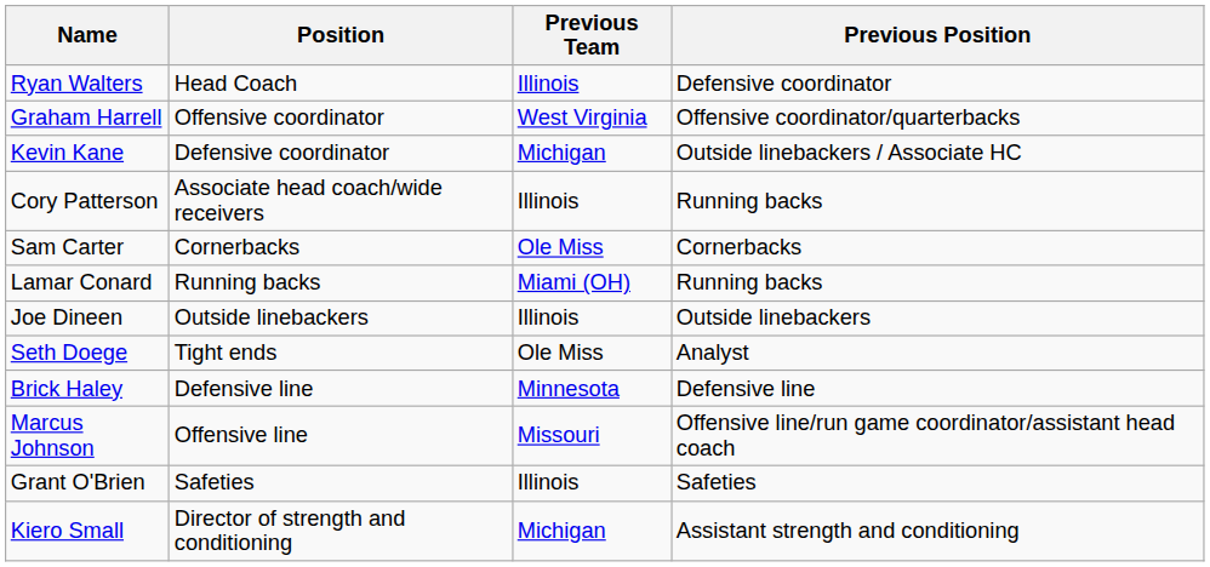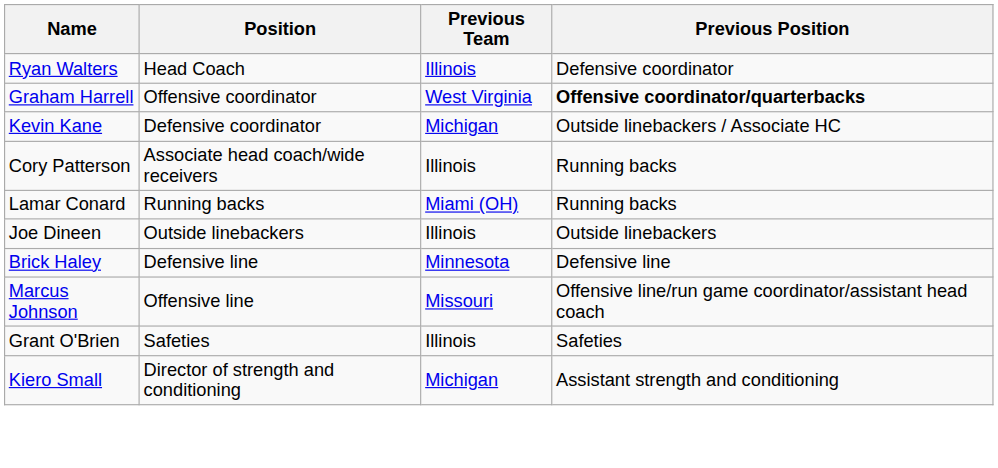 <table class="wikitable">
 <tr>
 <th style="text-align:center; ">Name</th>
 <th style="text-align:center; ">Position</th>
 <th style="text-align:center; ">Previous Team</th>
 <th style="text-align:center; ">Previous Position</th>
 </tr>
 <tr>
 <td><a href='#'>Ryan Walters</a></td>
 <td>Head Coach</td>
 <td><a href='#'>Illinois</a></td>
 <td>Defensive coordinator</td>
 </tr>
 <tr>
 <td><a href='#'>Graham Harrell</a></td>
 <td>Offensive coordinator</td>
 <td><a href='#'>West Virginia</a></td>
-<td>Offensive coordinator/quarterbacks</td>
+<td><strong>Offensive coordinator/quarterbacks</strong></td>
 </tr>
 <tr>
 <td><a href='#'>Kevin Kane</a></td>
 <td>Defensive coordinator</td>
 <td><a href='#'>Michigan</a></td>
 <td>Outside linebackers / Associate HC</td>
 </tr>
 <tr>
 <td>Cory Patterson</td>
 <td>Associate head coach/wide receivers</td>
 <td>Illinois</td>
 <td>Running backs</td>
 </tr>
 <tr>
-<td>Sam Carter</td>
-<td>Cornerbacks</td>
-<td><a href='#'>Ole Miss</a></td>
-<td>Cornerbacks</td>
-</tr>
-<tr>
 <td>Lamar Conard</td>
 <td>Running backs</td>
 <td><a href='#'>Miami (OH)</a></td>
 <td>Running backs</td>
 </tr>
 <tr>
 <td>Joe Dineen</td>
 <td>Outside linebackers</td>
 <td>Illinois</td>
 <td>Outside linebackers</td>
-</tr>
-<tr>
-<td><a href='#'>Seth Doege</a></td>
-<td>Tight ends</td>
-<td>Ole Miss</td>
-<td>Analyst</td>
 </tr>
 <tr>
 <td><a href='#'>Brick Haley</a></td>
 <td>Defensive line</td>
 <td><a href='#'>Minnesota</a></td>
 <td>Defensive line</td>
 </tr>
 <tr>
 <td><a href='#'>Marcus Johnson</a></td>
 <td>Offensive line</td>
 <td><a href='#'>Missouri</a></td>
 <td>Offensive line/run game coordinator/assistant head coach</td>
 </tr>
 <tr>
 <td>Grant O'Brien</td>
 <td>Safeties</td>
 <td>Illinois</td>
 <td>Safeties</td>
 </tr>
 <tr>
 <td><a href='#'>Kiero Small</a></td>
 <td>Director of strength and conditioning</td>
 <td><a href='#'>Michigan</a></td>
 <td>Assistant strength and conditioning</td>
 </tr>
 </table>
